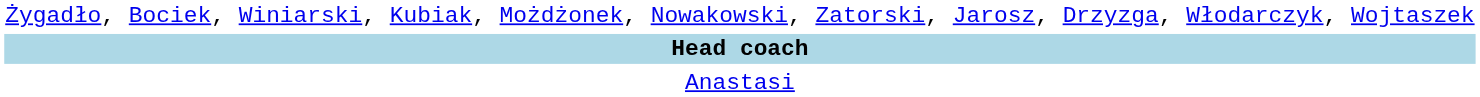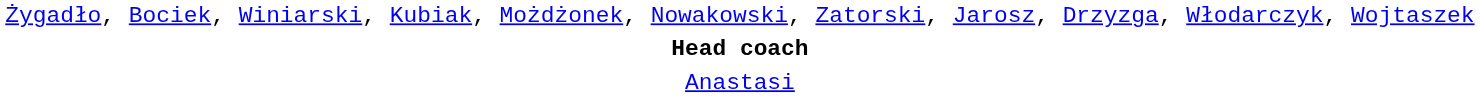 <table style="text-align: center; margin-top: 2em; margin-left: auto; margin-right: auto">
 <tr>
 <td><a href='#'>Żygadło</a>, <a href='#'>Bociek</a>, <a href='#'>Winiarski</a>, <a href='#'>Kubiak</a>, <a href='#'>Możdżonek</a>, <a href='#'>Nowakowski</a>, <a href='#'>Zatorski</a>, <a href='#'>Jarosz</a>, <a href='#'>Drzyzga</a>, <a href='#'>Włodarczyk</a>, <a href='#'>Wojtaszek</a></td>
 </tr>
 <tr>
-<td style="background: lightblue;"><strong>Head coach</strong></td>
+<td><strong>Head coach</strong></td>
 </tr>
 <tr>
 <td><a href='#'>Anastasi</a></td>
 </tr>
 </table>
